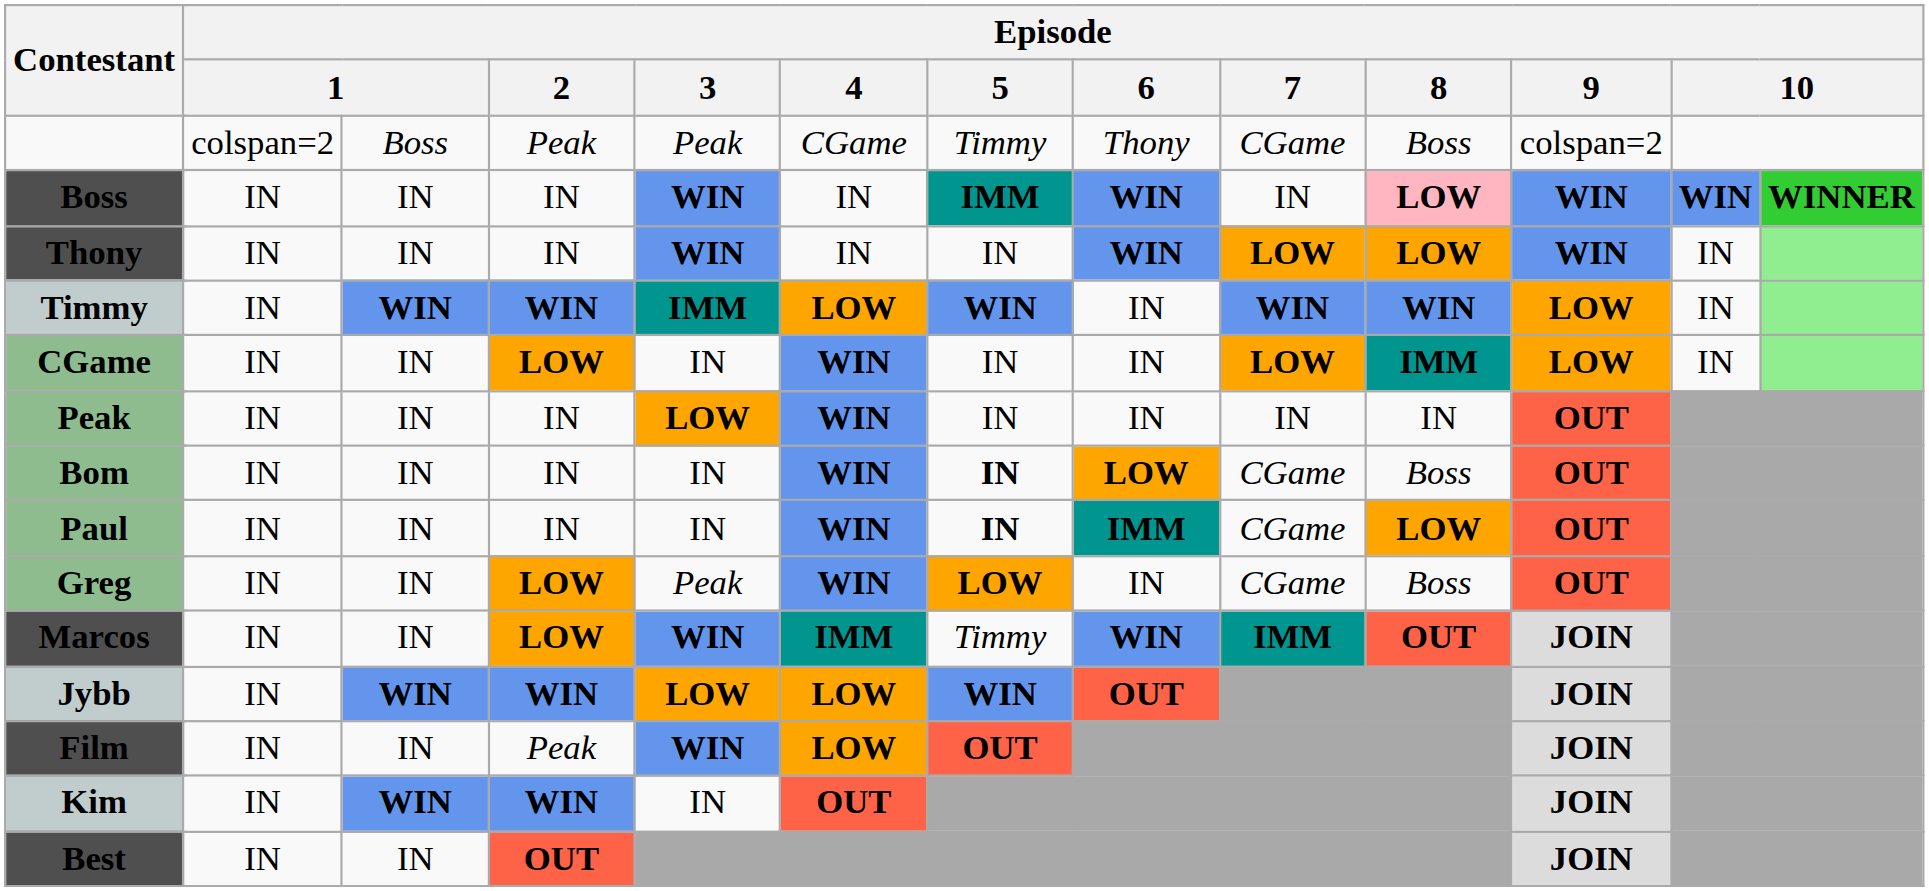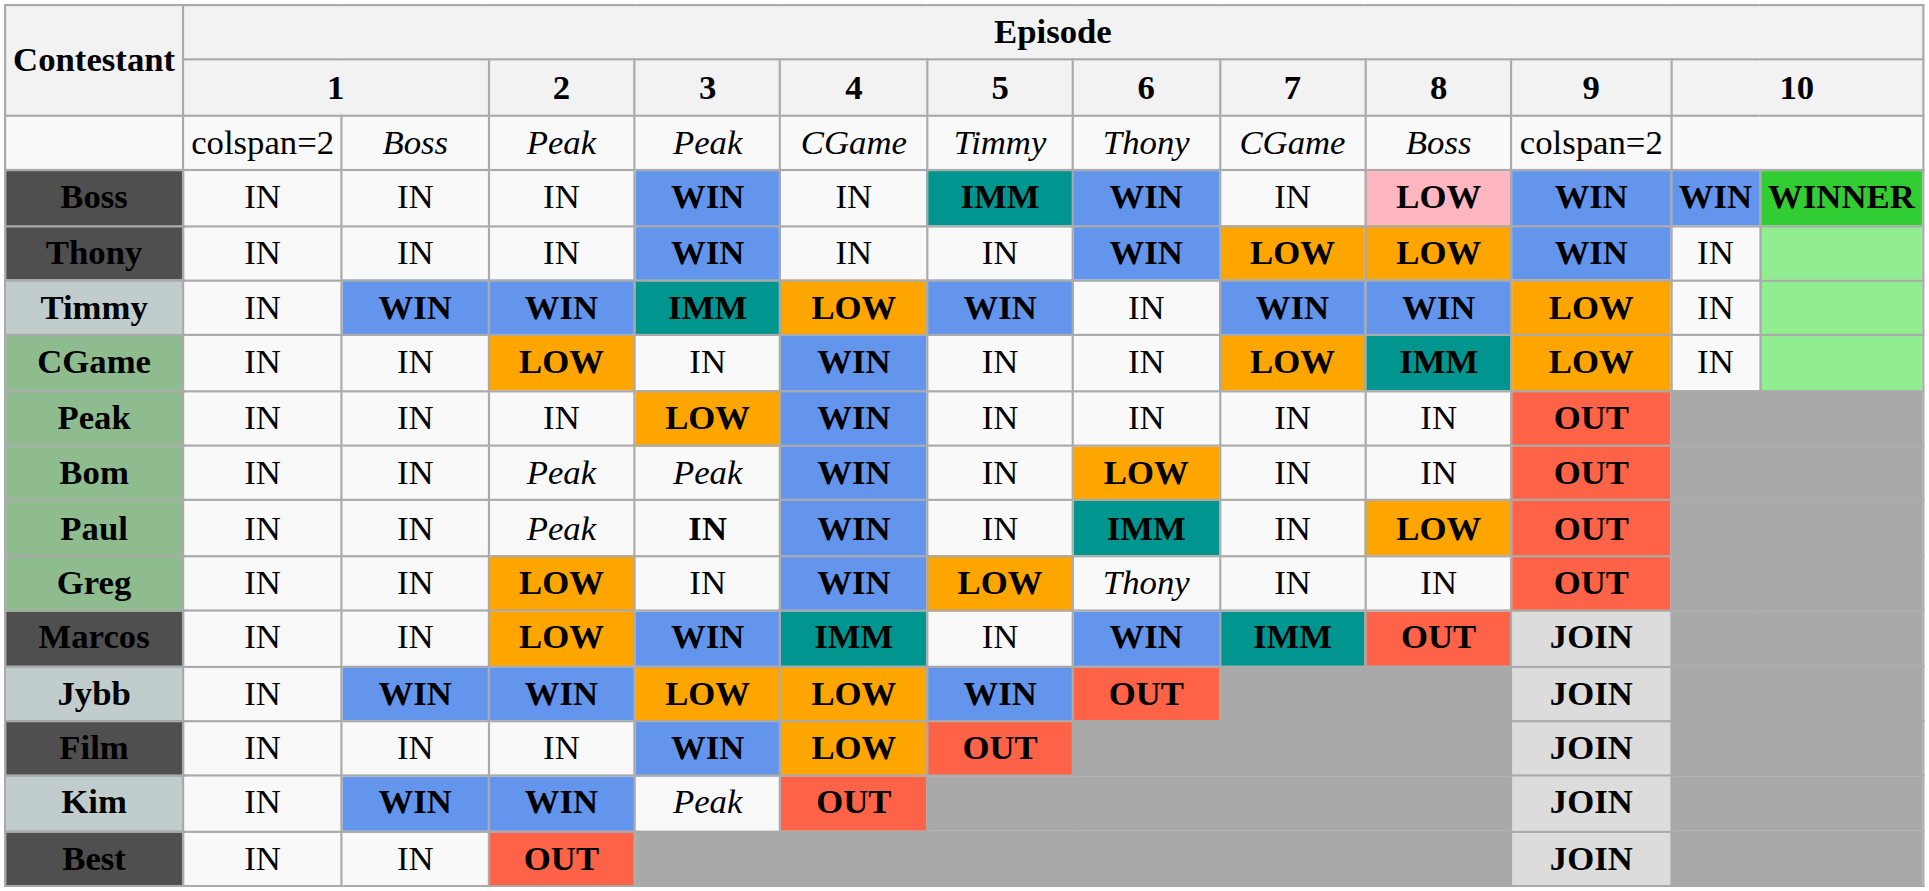 <table class="wikitable" style="text-align:center;">
 <tr>
 <th colspan="2" rowspan="2">Contestant</th>
 <th colspan=12>Episode</th>
 </tr>
 <tr>
 <th colspan=2>1</th>
 <th style="width:60px;">2</th>
 <th style="width:60px;">3</th>
 <th style="width:60px;">4</th>
 <th style="width:60px;">5</th>
 <th style="width:60px;">6</th>
 <th style="width:60px;">7</th>
 <th style="width:60px;">8</th>
 <th style="width:60px;">9</th>
 <th colspan=2>10</th>
 </tr>
 <tr>
 <td colspan=2></td>
 <td>colspan=2 </td>
 <td><em>Boss</em></td>
 <td><em>Peak</em></td>
 <td><em>Peak</em></td>
 <td><em>CGame</em></td>
 <td><em>Timmy</em></td>
 <td><em>Thony</em></td>
 <td><em>CGame</em></td>
 <td><em>Boss</em></td>
 <td>colspan=2 </td>
 </tr>
 <tr>
 <td colspan=2 style="background:#4F4F4F;"><span><strong>Boss</strong></span></td>
 <td>IN</td>
 <td>IN</td>
 <td>IN</td>
 <td style="background:cornflowerblue;"><strong>WIN</strong></td>
 <td>IN</td>
 <td style="background:#00968f"><span><strong>IMM</strong></span></td>
 <td style="background:cornflowerblue;"><strong>WIN</strong></td>
 <td>IN</td>
 <td style="background:lightpink"><strong>LOW</strong></td>
 <td style="background:cornflowerblue;"><strong>WIN</strong></td>
 <td style="background:cornflowerblue;"><strong>WIN</strong></td>
 <td bgcolor="limegreen"><strong>WINNER</strong></td>
 </tr>
 <tr>
 <td colspan=2 style="background:#4F4F4F;"><span><strong>Thony</strong></span></td>
 <td>IN</td>
 <td>IN</td>
 <td>IN</td>
 <td style="background:cornflowerblue;"><strong>WIN</strong></td>
 <td>IN</td>
 <td>IN</td>
 <td style="background:cornflowerblue;"><strong>WIN</strong></td>
 <td style="background:orange;"><strong>LOW</strong></td>
 <td style="background:orange;"><strong>LOW</strong></td>
 <td style="background:cornflowerblue;"><strong>WIN</strong></td>
 <td>IN</td>
 <td bgcolor="lightgreen"></td>
 </tr>
 <tr>
 <td colspan=2 style="background:#C1CDCD;"><strong>Timmy</strong></td>
 <td>IN</td>
 <td style="background:cornflowerblue;"><strong>WIN</strong></td>
 <td style="background:cornflowerblue;"><strong>WIN</strong></td>
 <td style="background:#00968f"><span><strong>IMM</strong></span></td>
 <td style="background:orange;"><strong>LOW</strong></td>
 <td style="background:cornflowerblue;"><strong>WIN</strong></td>
 <td>IN</td>
 <td style="background:cornflowerblue;"><strong>WIN</strong></td>
 <td style="background:cornflowerblue;"><strong>WIN</strong></td>
 <td style="background:orange;"><strong>LOW</strong></td>
 <td>IN</td>
 <td bgcolor="lightgreen"></td>
 </tr>
 <tr>
 <td colspan=2 style="background:#8FBC8F;"><strong>CGame</strong></td>
 <td>IN</td>
 <td>IN</td>
 <td style="background:orange;"><strong>LOW</strong></td>
 <td>IN</td>
 <td style="background:cornflowerblue;"><strong>WIN</strong></td>
 <td>IN</td>
 <td>IN</td>
 <td style="background:orange;"><strong>LOW</strong></td>
 <td style="background:#00968f"><span><strong>IMM</strong></span></td>
 <td style="background:orange;"><strong>LOW</strong></td>
 <td>IN</td>
 <td bgcolor="lightgreen"></td>
 </tr>
 <tr>
 <td colspan=2 style="background:#8FBC8F;"><strong>Peak</strong></td>
 <td>IN</td>
 <td>IN</td>
 <td>IN</td>
 <td style="background:orange;"><strong>LOW</strong></td>
 <td style="background:cornflowerblue;"><strong>WIN</strong></td>
 <td>IN</td>
 <td>IN</td>
 <td>IN</td>
 <td>IN</td>
 <td style="background:tomato;"><strong>OUT</strong></td>
 <td colspan="2" style="background:darkgrey;"></td>
 </tr>
 <tr>
 <td colspan=2 style="background:#8FBC8F;"><strong>Bom</strong></td>
 <td>IN</td>
 <td>IN</td>
+<td><em>Peak</em></td>
+<td><em>Peak</em></td>
+<td style="background:cornflowerblue;"><strong>WIN</strong></td>
+<td>IN</td>
+<td style="background:orange;"><strong>LOW</strong></td>
 <td>IN</td>
 <td>IN</td>
-<td style="background:cornflowerblue;"><strong>WIN</strong></td>
-<td><strong>IN</strong></td>
-<td style="background:orange;"><strong>LOW</strong></td>
-<td><em>CGame</em></td>
-<td><em>Boss</em></td>
 <td style="background:tomato;"><strong>OUT</strong></td>
 <td colspan="2" style="background:darkgrey;"></td>
 </tr>
 <tr>
 <td colspan=2 style="background:#8FBC8F;"><strong>Paul</strong></td>
 <td>IN</td>
 <td>IN</td>
+<td><em>Peak</em></td>
+<td><strong>IN</strong></td>
+<td style="background:cornflowerblue;"><strong>WIN</strong></td>
 <td>IN</td>
+<td style="background:#00968f"><span><strong>IMM</strong></span></td>
 <td>IN</td>
-<td style="background:cornflowerblue;"><strong>WIN</strong></td>
-<td><strong>IN</strong></td>
-<td style="background:#00968f"><span><strong>IMM</strong></span></td>
-<td><em>CGame</em></td>
 <td style="background:orange;"><strong>LOW</strong></td>
 <td style="background:tomato;"><strong>OUT</strong></td>
 <td colspan="2" style="background:darkgrey;"></td>
 </tr>
 <tr>
 <td colspan=2 style="background:#8FBC8F;"><strong>Greg</strong></td>
 <td>IN</td>
 <td>IN</td>
 <td style="background:orange;"><strong>LOW</strong></td>
-<td><em>Peak</em></td>
+<td>IN</td>
 <td style="background:cornflowerblue;"><strong>WIN</strong></td>
 <td style="background:orange;"><strong>LOW</strong></td>
+<td><em>Thony</em></td>
 <td>IN</td>
-<td><em>CGame</em></td>
-<td><em>Boss</em></td>
+<td>IN</td>
 <td style="background:tomato;"><strong>OUT</strong></td>
 <td colspan="2" style="background:darkgrey;"></td>
 </tr>
 <tr>
 <td colspan=2 style="background:#4F4F4F;"><span><strong>Marcos</strong></span></td>
 <td>IN</td>
 <td>IN</td>
 <td style="background:orange;"><strong>LOW</strong></td>
 <td style="background:cornflowerblue;"><strong>WIN</strong></td>
 <td style="background:#00968f"><span><strong>IMM</strong></span></td>
-<td><em>Timmy</em></td>
+<td>IN</td>
 <td style="background:cornflowerblue;"><strong>WIN</strong></td>
 <td style="background:#00968f"><span><strong>IMM</strong></span></td>
 <td style="background:tomato;"><strong>OUT</strong></td>
 <td style="background:Gainsboro;"><strong>JOIN</strong></td>
 <td colspan="2" style="background:darkgrey;"></td>
 </tr>
 <tr>
 <td colspan=2 style="background:#C1CDCD;"><strong>Jybb</strong></td>
 <td>IN</td>
 <td style="background:cornflowerblue;"><strong>WIN</strong></td>
 <td style="background:cornflowerblue;"><strong>WIN</strong></td>
 <td style="background:orange;"><strong>LOW</strong></td>
 <td style="background:orange;"><strong>LOW</strong></td>
 <td style="background:cornflowerblue;"><strong>WIN</strong></td>
 <td style="background:tomato;"><strong>OUT</strong></td>
 <td colspan="2" style="background:darkgrey;"></td>
 <td style="background:Gainsboro;"><strong>JOIN</strong></td>
 <td colspan="2" style="background:darkgrey;"></td>
 </tr>
 <tr>
 <td colspan=2 style="background:#4F4F4F;"><span><strong>Film</strong></span></td>
 <td>IN</td>
 <td>IN</td>
-<td><em>Peak</em></td>
+<td>IN</td>
 <td style="background:cornflowerblue;"><strong>WIN</strong></td>
 <td style="background:orange;"><strong>LOW</strong></td>
 <td style="background:tomato;"><strong>OUT</strong></td>
 <td colspan="3" style="background:darkgrey;"></td>
 <td style="background:Gainsboro;"><strong>JOIN</strong></td>
 <td colspan="3" style="background:darkgrey;"></td>
 </tr>
 <tr>
 <td colspan=2 style="background:#C1CDCD;"><strong>Kim</strong></td>
 <td>IN</td>
 <td style="background:cornflowerblue;"><strong>WIN</strong></td>
 <td style="background:cornflowerblue;"><strong>WIN</strong></td>
-<td>IN</td>
+<td><em>Peak</em></td>
 <td style="background:tomato;"><strong>OUT</strong></td>
 <td colspan="4" style="background:darkgrey;"></td>
 <td style="background:Gainsboro;"><strong>JOIN</strong></td>
 <td colspan="3" style="background:darkgrey;"></td>
 </tr>
 <tr>
 <td colspan=2 style="background:#4F4F4F;"><span><strong>Best</strong></span></td>
 <td style="width:60px;">IN</td>
 <td style="width:60px;">IN</td>
 <td style="background:tomato;"><strong>OUT</strong></td>
 <td colspan="6" style="background:darkgrey;"></td>
 <td style="background:Gainsboro;"><strong>JOIN</strong></td>
 <td colspan="2" style="background:darkgrey;"></td>
 </tr>
 </table>
